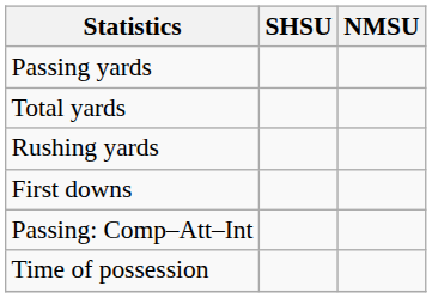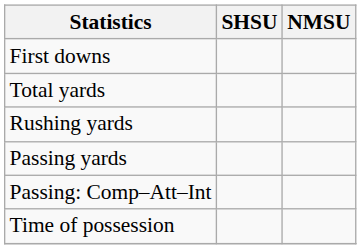 <table class="wikitable" style="float: left;">
 <tr>
 <th>Statistics</th>
 <th>SHSU</th>
 <th>NMSU</th>
 </tr>
 <tr>
-<td>Passing yards</td>
+<td>First downs</td>
 <td></td>
 <td></td>
 </tr>
 <tr>
 <td>Total yards</td>
 <td></td>
 <td></td>
 </tr>
 <tr>
 <td>Rushing yards</td>
 <td></td>
 <td></td>
 </tr>
 <tr>
-<td>First downs</td>
+<td>Passing yards</td>
 <td></td>
 <td></td>
 </tr>
 <tr>
 <td>Passing: Comp–Att–Int</td>
 <td></td>
 <td></td>
 </tr>
 <tr>
 <td>Time of possession</td>
 <td></td>
 <td></td>
 </tr>
 <tr>
 </tr>
 </table>
